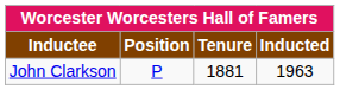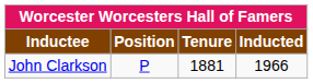 <table class="wikitable" style="text-align:center">
 <tr>
 <th colspan=4 style="background:#E0115F; color:white;">Worcester Worcesters Hall of Famers</th>
 </tr>
 <tr>
 <th style="background:#804000; color:white;">Inductee</th>
 <th style="background:#804000; color:white;">Position</th>
 <th style="background:#804000; color:white;">Tenure</th>
 <th style="background:#804000; color:white;">Inducted</th>
 </tr>
 <tr>
 <td><a href='#'>John Clarkson</a></td>
 <td><a href='#'>P</a></td>
 <td>1881</td>
-<td>1963</td>
+<td>1966</td>
 </tr>
 </table>
